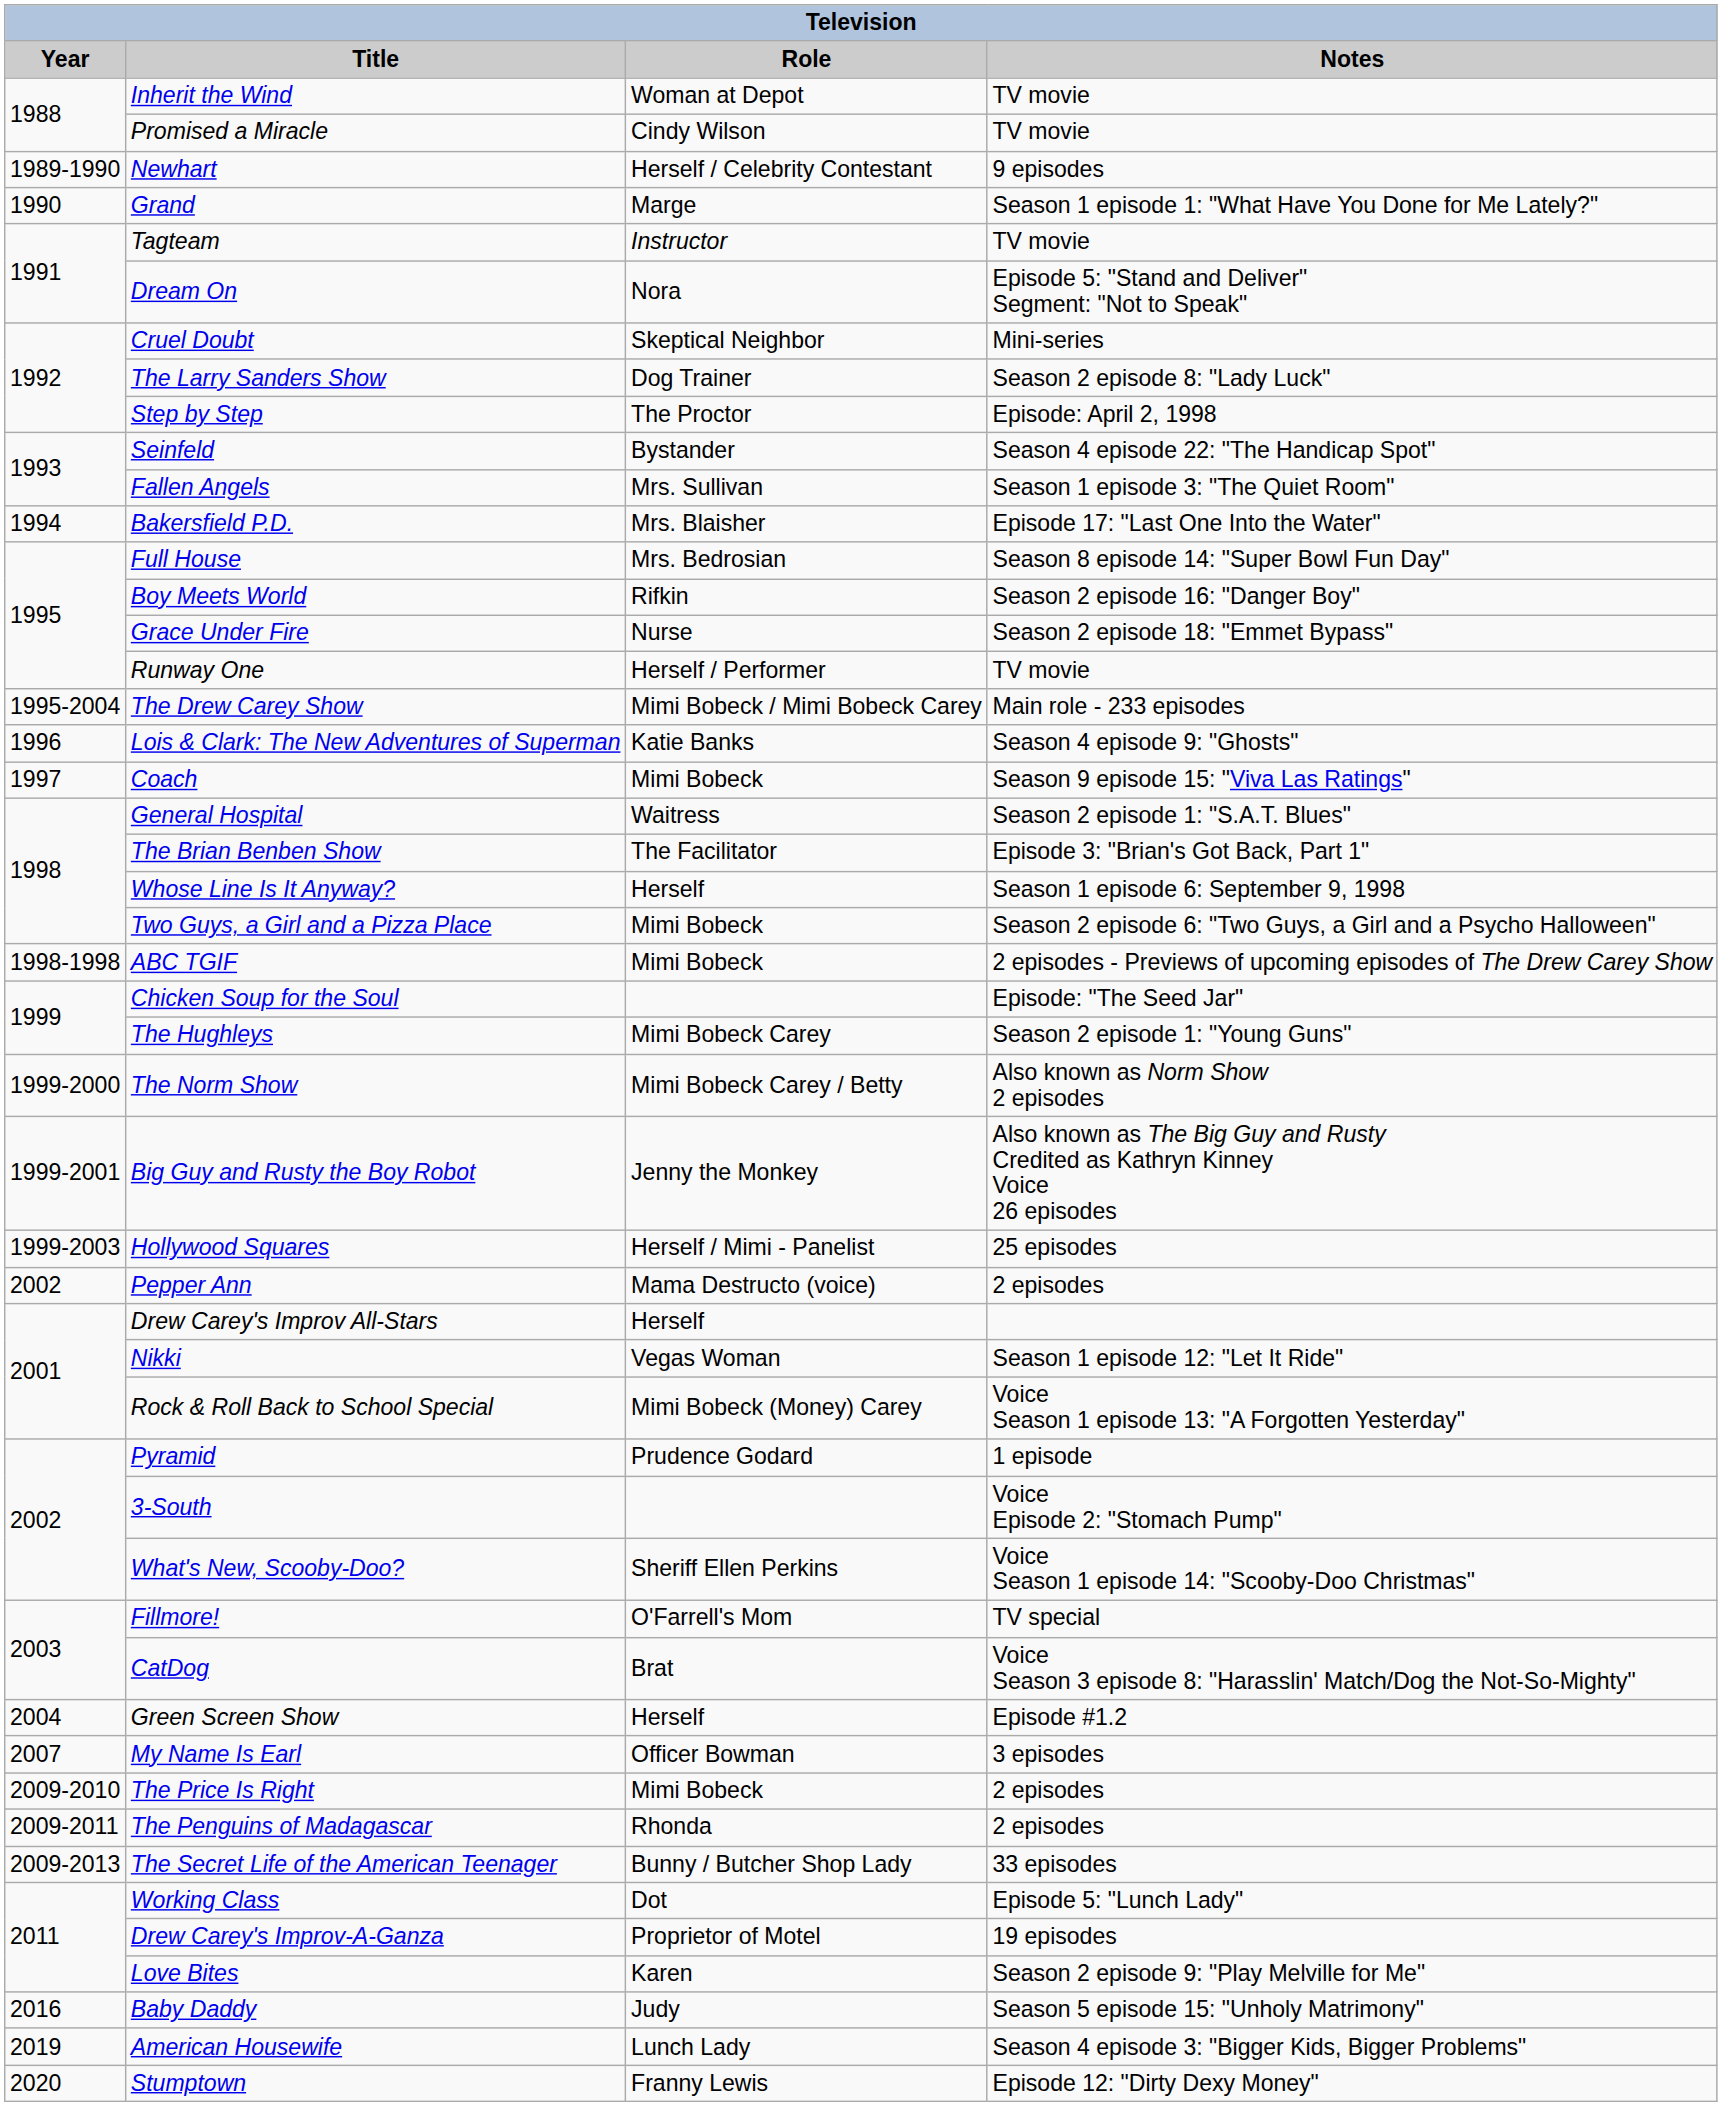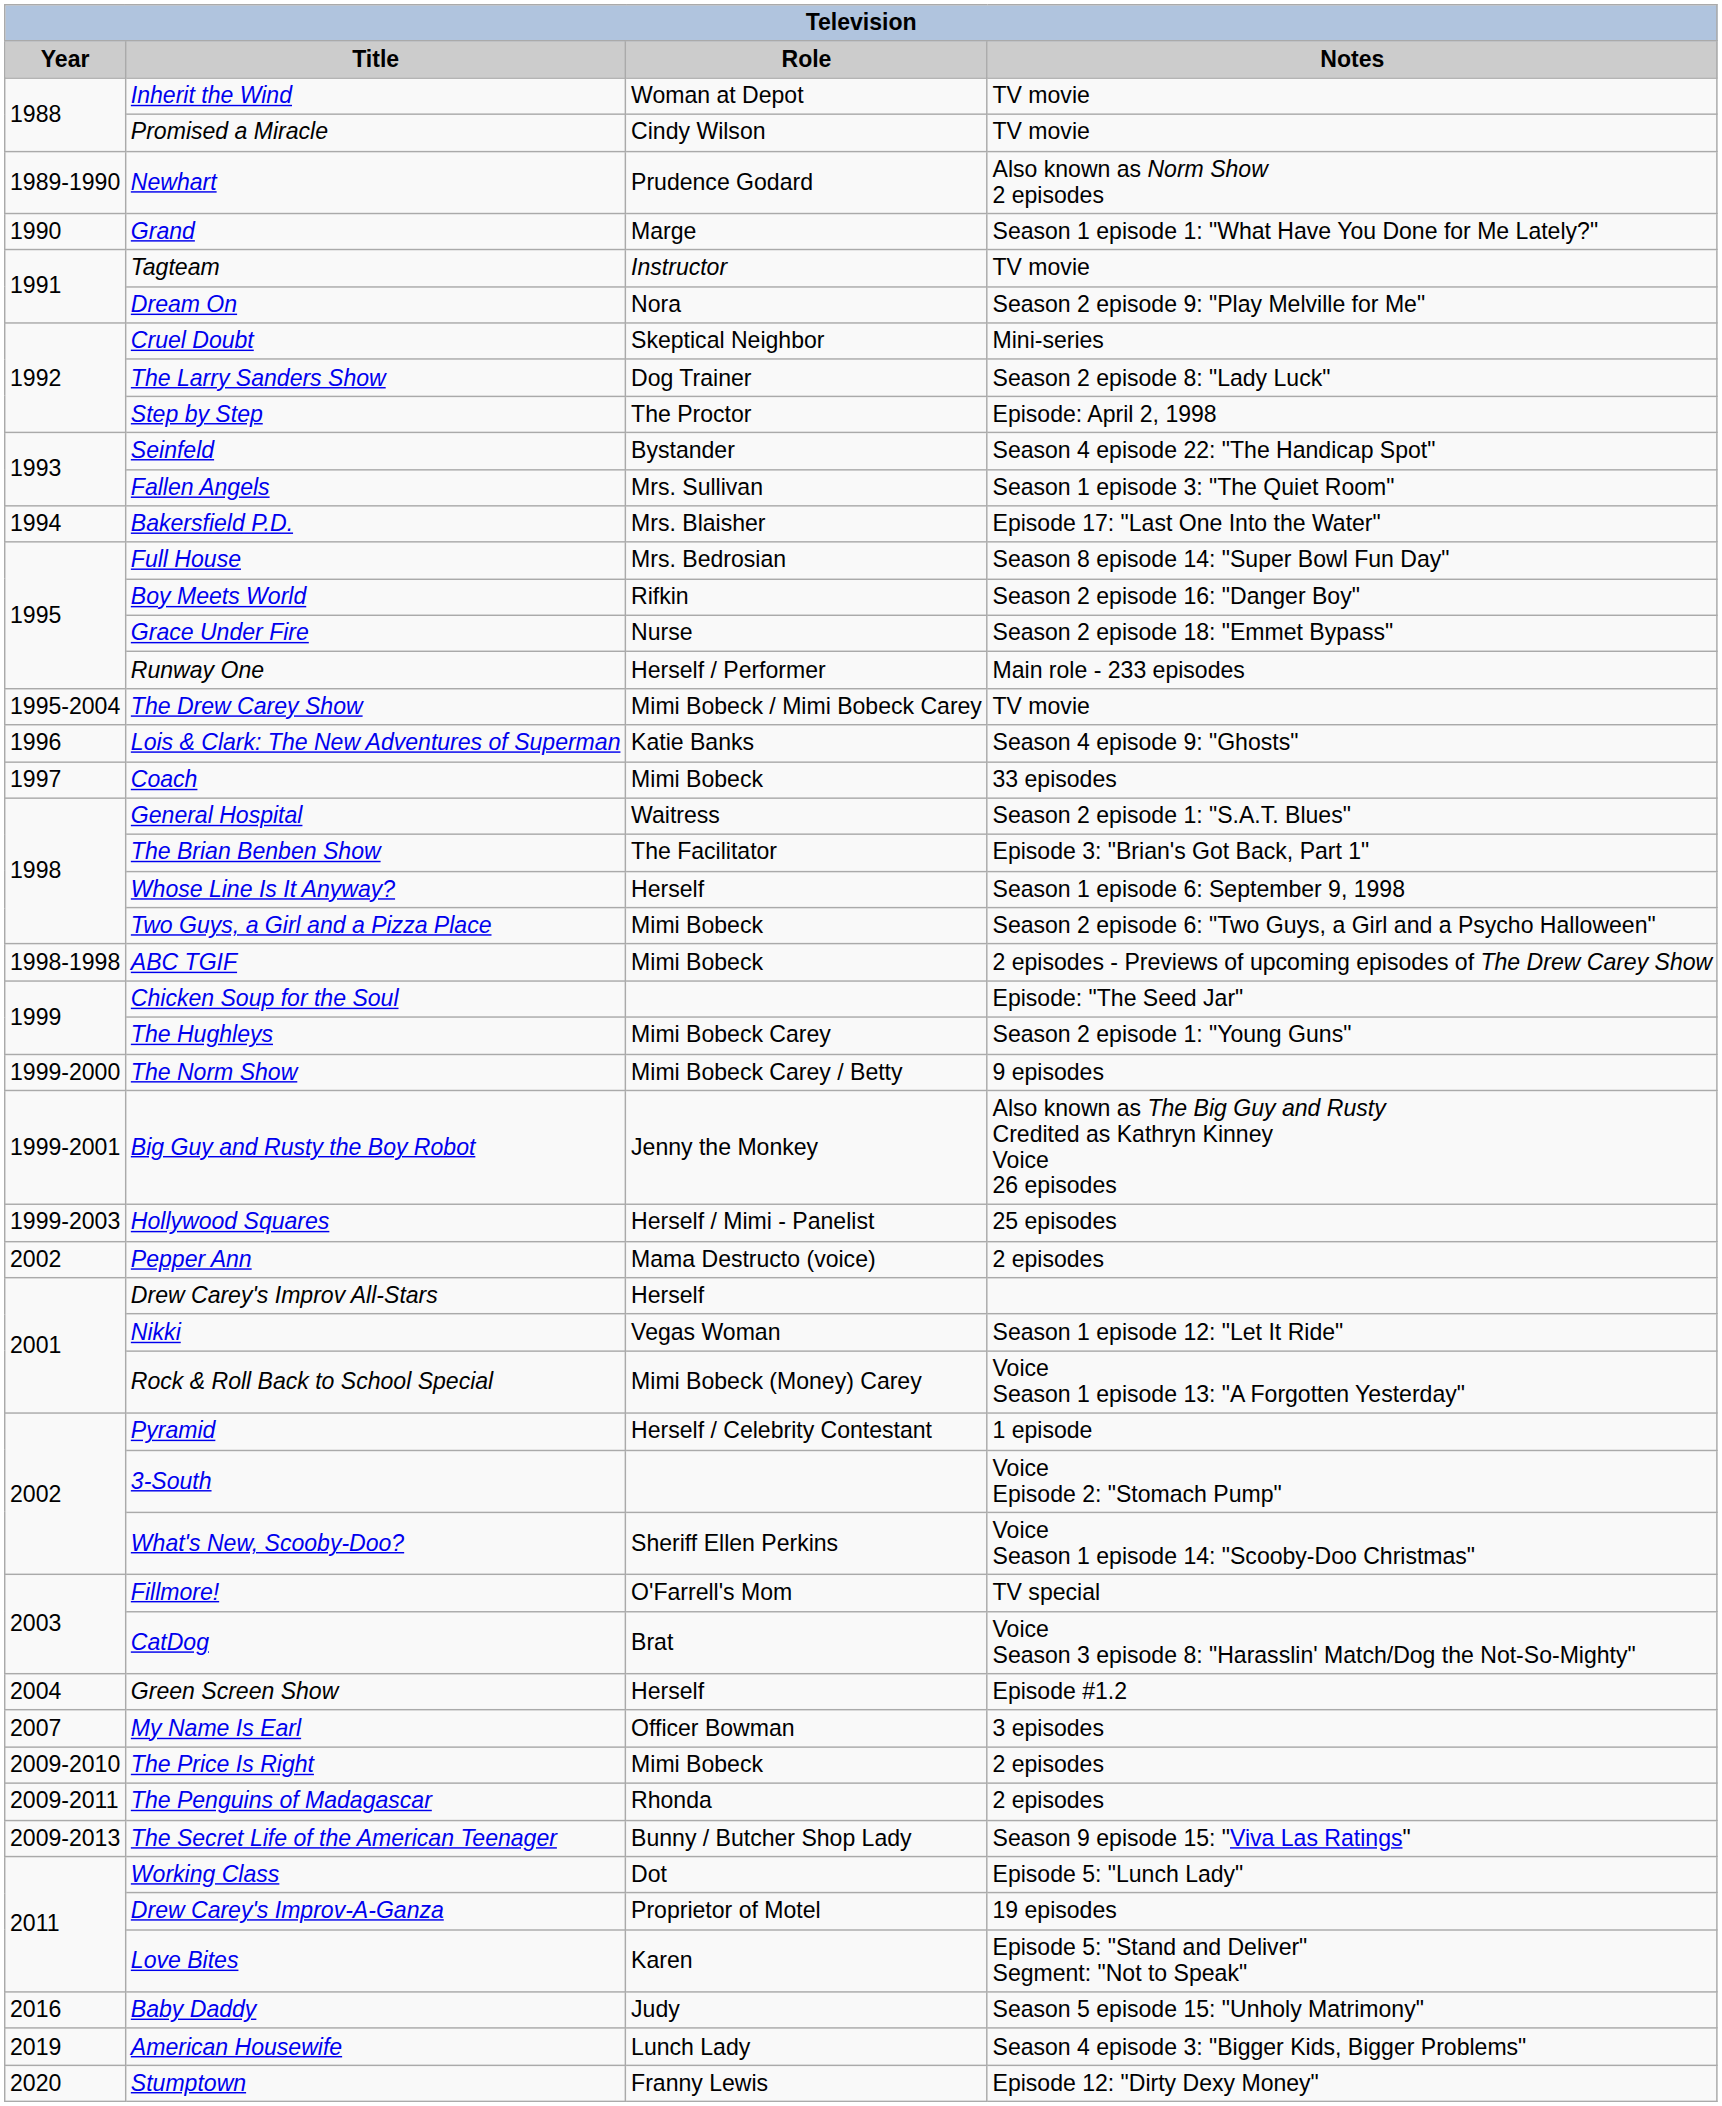 <table class="wikitable">
 <tr>
 <th colspan=4 style="background:#B0C4DE;">Television</th>
 </tr>
 <tr>
 <th style="background: #CCCCCC;">Year</th>
 <th style="background: #CCCCCC;">Title</th>
 <th style="background: #CCCCCC;">Role</th>
 <th style="background: #CCCCCC;">Notes</th>
 </tr>
 <tr>
 <td rowspan=2>1988</td>
 <td><em><a href='#'>Inherit the Wind</a></em></td>
 <td>Woman at Depot</td>
 <td>TV movie</td>
 </tr>
 <tr>
 <td><em>Promised a Miracle</em></td>
 <td>Cindy Wilson</td>
 <td>TV movie</td>
 </tr>
 <tr>
 <td>1989-1990</td>
 <td><em><a href='#'>Newhart</a></em></td>
-<td>Herself / Celebrity Contestant</td>
-<td>9 episodes</td>
+<td>Prudence Godard</td>
+<td>Also known as <em>Norm Show</em><br> 2 episodes</td>
 </tr>
 <tr>
 <td>1990</td>
 <td><em><a href='#'>Grand</a></em></td>
 <td>Marge</td>
 <td>Season 1 episode 1: "What Have You Done for Me Lately?"</td>
 </tr>
 <tr>
 <td rowspan=2>1991</td>
 <td><em>Tagteam</em></td>
 <td><em>Instructor</em></td>
 <td>TV movie</td>
 </tr>
 <tr>
 <td><em><a href='#'>Dream On</a></em></td>
 <td>Nora</td>
-<td>Episode 5: "Stand and Deliver"<br> Segment: "Not to Speak"</td>
+<td>Season 2 episode 9: "Play Melville for Me"</td>
 </tr>
 <tr>
 <td rowspan=3>1992</td>
 <td><em><a href='#'>Cruel Doubt</a></em></td>
 <td>Skeptical Neighbor</td>
 <td>Mini-series</td>
 </tr>
 <tr>
 <td><em><a href='#'>The Larry Sanders Show</a></em></td>
 <td>Dog Trainer</td>
 <td>Season 2 episode 8: "Lady Luck"</td>
 </tr>
 <tr>
 <td><em><a href='#'>Step by Step</a></em></td>
 <td>The Proctor</td>
 <td>Episode: April 2, 1998</td>
 </tr>
 <tr>
 <td rowspan=2>1993</td>
 <td><em><a href='#'>Seinfeld</a></em></td>
 <td>Bystander</td>
 <td>Season 4 episode 22: "The Handicap Spot"</td>
 </tr>
 <tr>
 <td><em><a href='#'>Fallen Angels</a></em></td>
 <td>Mrs. Sullivan</td>
 <td>Season 1 episode 3: "The Quiet Room"</td>
 </tr>
 <tr>
 <td>1994</td>
 <td><em><a href='#'>Bakersfield P.D.</a></em></td>
 <td>Mrs. Blaisher</td>
 <td>Episode 17: "Last One Into the Water"</td>
 </tr>
 <tr>
 <td rowspan=4>1995</td>
 <td><em><a href='#'>Full House</a></em></td>
 <td>Mrs. Bedrosian</td>
 <td>Season 8 episode 14: "Super Bowl Fun Day"</td>
 </tr>
 <tr>
 <td><em><a href='#'>Boy Meets World</a></em></td>
 <td>Rifkin</td>
 <td>Season 2 episode 16: "Danger Boy"</td>
 </tr>
 <tr>
 <td><em><a href='#'>Grace Under Fire</a></em></td>
 <td>Nurse</td>
 <td>Season 2 episode 18: "Emmet Bypass"</td>
 </tr>
 <tr>
 <td><em>Runway One</em></td>
 <td>Herself / Performer</td>
-<td>TV movie</td>
+<td>Main role - 233 episodes</td>
 </tr>
 <tr>
 <td>1995-2004</td>
 <td><em><a href='#'>The Drew Carey Show</a></em></td>
 <td>Mimi Bobeck / Mimi Bobeck Carey</td>
-<td>Main role - 233 episodes</td>
+<td>TV movie</td>
 </tr>
 <tr>
 <td>1996</td>
 <td><em><a href='#'>Lois & Clark: The New Adventures of Superman</a></em></td>
 <td>Katie Banks</td>
 <td>Season 4 episode 9: "Ghosts"</td>
 </tr>
 <tr>
 <td>1997</td>
 <td><em><a href='#'>Coach</a></em></td>
 <td>Mimi Bobeck</td>
-<td>Season 9 episode 15: "<a href='#'>Viva Las Ratings</a>"</td>
+<td>33 episodes</td>
 </tr>
 <tr>
 <td rowspan=4>1998</td>
 <td><em><a href='#'>General Hospital</a></em></td>
 <td>Waitress</td>
 <td>Season 2 episode 1: "S.A.T. Blues"</td>
 </tr>
 <tr>
 <td><em><a href='#'>The Brian Benben Show</a></em></td>
 <td>The Facilitator</td>
 <td>Episode 3: "Brian's Got Back, Part 1"</td>
 </tr>
 <tr>
 <td><em><a href='#'>Whose Line Is It Anyway?</a></em></td>
 <td>Herself</td>
 <td>Season 1 episode 6: September 9, 1998</td>
 </tr>
 <tr>
 <td><em><a href='#'>Two Guys, a Girl and a Pizza Place</a></em></td>
 <td>Mimi Bobeck</td>
 <td>Season 2 episode 6: "Two Guys, a Girl and a Psycho Halloween"</td>
 </tr>
 <tr>
 <td>1998-1998</td>
 <td><em><a href='#'>ABC TGIF</a></em></td>
 <td>Mimi Bobeck</td>
 <td>2 episodes - Previews of upcoming episodes of <em>The Drew Carey Show</em></td>
 </tr>
 <tr>
 <td rowspan=2>1999</td>
 <td><em><a href='#'>Chicken Soup for the Soul</a></em></td>
 <td></td>
 <td>Episode: "The Seed Jar"</td>
 </tr>
 <tr>
 <td><em><a href='#'>The Hughleys</a></em></td>
 <td>Mimi Bobeck Carey</td>
 <td>Season 2 episode 1: "Young Guns"</td>
 </tr>
 <tr>
 <td>1999-2000</td>
 <td><em><a href='#'>The Norm Show</a></em></td>
 <td>Mimi Bobeck Carey / Betty</td>
-<td>Also known as <em>Norm Show</em><br> 2 episodes</td>
+<td>9 episodes</td>
 </tr>
 <tr>
 <td>1999-2001</td>
 <td><em><a href='#'>Big Guy and Rusty the Boy Robot</a></em></td>
 <td>Jenny the Monkey</td>
 <td>Also known as <em>The Big Guy and Rusty</em><br> Credited as Kathryn Kinney<br> Voice<br> 26 episodes</td>
 </tr>
 <tr>
 <td>1999-2003</td>
 <td><em><a href='#'>Hollywood Squares</a></em></td>
 <td>Herself / Mimi - Panelist</td>
 <td>25 episodes</td>
 </tr>
 <tr>
 <td>2002</td>
 <td><em><a href='#'>Pepper Ann</a></em></td>
 <td>Mama Destructo (voice)</td>
 <td>2 episodes</td>
 </tr>
 <tr>
 <td rowspan=3>2001</td>
 <td><em>Drew Carey's Improv All-Stars</em></td>
 <td>Herself</td>
 <td></td>
 </tr>
 <tr>
 <td><em><a href='#'>Nikki</a></em></td>
 <td>Vegas Woman</td>
 <td>Season 1 episode 12: "Let It Ride"</td>
 </tr>
 <tr>
 <td><em>Rock & Roll Back to School Special</em></td>
 <td>Mimi Bobeck (Money) Carey</td>
 <td>Voice<br> Season 1 episode 13: "A Forgotten Yesterday"</td>
 </tr>
 <tr>
 <td rowspan=3>2002</td>
 <td><em><a href='#'>Pyramid</a></em></td>
-<td>Prudence Godard</td>
+<td>Herself / Celebrity Contestant</td>
 <td>1 episode</td>
 </tr>
 <tr>
 <td><em><a href='#'>3-South</a></em></td>
 <td></td>
 <td>Voice<br> Episode 2: "Stomach Pump"</td>
 </tr>
 <tr>
 <td><em><a href='#'>What's New, Scooby-Doo?</a></em></td>
 <td>Sheriff Ellen Perkins</td>
 <td>Voice<br> Season 1 episode 14: "Scooby-Doo Christmas"</td>
 </tr>
 <tr>
 <td rowspan=2>2003</td>
 <td><em><a href='#'>Fillmore!</a></em></td>
 <td>O'Farrell's Mom</td>
 <td>TV special</td>
 </tr>
 <tr>
 <td><em><a href='#'>CatDog</a></em></td>
 <td>Brat</td>
 <td>Voice<br> Season 3 episode 8: "Harasslin' Match/Dog the Not-So-Mighty"</td>
 </tr>
 <tr>
 <td>2004</td>
 <td><em>Green Screen Show</em></td>
 <td>Herself</td>
 <td>Episode #1.2</td>
 </tr>
 <tr>
 <td>2007</td>
 <td><em><a href='#'>My Name Is Earl</a></em></td>
 <td>Officer Bowman</td>
 <td>3 episodes</td>
 </tr>
 <tr>
 <td>2009-2010</td>
 <td><em><a href='#'>The Price Is Right</a></em></td>
 <td>Mimi Bobeck</td>
 <td>2 episodes</td>
 </tr>
 <tr>
 <td>2009-2011</td>
 <td><em><a href='#'>The Penguins of Madagascar</a></em></td>
 <td>Rhonda</td>
 <td>2 episodes</td>
 </tr>
 <tr>
 <td>2009-2013</td>
 <td><em><a href='#'>The Secret Life of the American Teenager</a></em></td>
 <td>Bunny / Butcher Shop Lady</td>
-<td>33 episodes</td>
+<td>Season 9 episode 15: "<a href='#'>Viva Las Ratings</a>"</td>
 </tr>
 <tr>
 <td rowspan=3>2011</td>
 <td><em><a href='#'>Working Class</a></em></td>
 <td>Dot</td>
 <td>Episode 5: "Lunch Lady"</td>
 </tr>
 <tr>
 <td><em><a href='#'>Drew Carey's Improv-A-Ganza</a></em></td>
 <td>Proprietor of Motel</td>
 <td>19 episodes</td>
 </tr>
 <tr>
 <td><em><a href='#'>Love Bites</a></em></td>
 <td>Karen</td>
-<td>Season 2 episode 9: "Play Melville for Me"</td>
+<td>Episode 5: "Stand and Deliver"<br> Segment: "Not to Speak"</td>
 </tr>
 <tr>
 <td>2016</td>
 <td><em><a href='#'>Baby Daddy</a></em></td>
 <td>Judy</td>
 <td>Season 5 episode 15: "Unholy Matrimony"</td>
 </tr>
 <tr>
 <td>2019</td>
 <td><em><a href='#'>American Housewife</a></em></td>
 <td>Lunch Lady</td>
 <td>Season 4 episode 3: "Bigger Kids, Bigger Problems"</td>
 </tr>
 <tr>
 <td>2020</td>
 <td><em><a href='#'>Stumptown</a></em></td>
 <td>Franny Lewis</td>
 <td>Episode 12: "Dirty Dexy Money"</td>
 </tr>
 </table>
